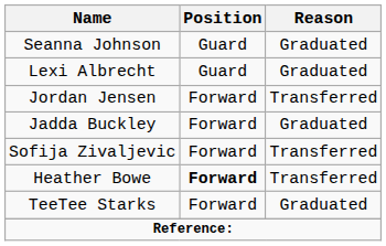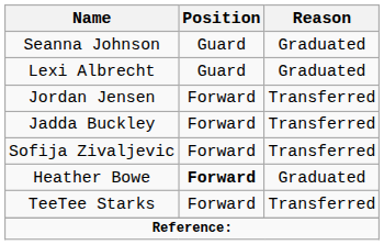 <table class="wikitable" style="text-align: center">
 <tr align=center>
 <th>Name</th>
 <th>Position</th>
 <th>Reason</th>
 </tr>
 <tr>
 <td>Seanna Johnson</td>
 <td>Guard</td>
 <td>Graduated</td>
 </tr>
 <tr>
 <td>Lexi Albrecht</td>
 <td>Guard</td>
 <td>Graduated</td>
 </tr>
 <tr>
 <td>Jordan Jensen</td>
 <td>Forward</td>
 <td>Transferred</td>
 </tr>
 <tr>
 <td>Jadda Buckley</td>
 <td>Forward</td>
-<td>Graduated</td>
+<td>Transferred</td>
 </tr>
 <tr>
 <td>Sofija Zivaljevic</td>
 <td>Forward</td>
 <td>Transferred</td>
 </tr>
 <tr>
 <td>Heather Bowe</td>
 <td><strong>Forward</strong></td>
-<td>Transferred</td>
+<td>Graduated</td>
 </tr>
 <tr>
 <td>TeeTee Starks</td>
 <td>Forward</td>
-<td>Graduated</td>
+<td>Transferred</td>
 </tr>
 <tr>
 </tr>
 <tr>
 <td colspan="6"  style="font-size:8pt; text-align:center;"><strong>Reference:</strong></td>
 </tr>
 </table>
